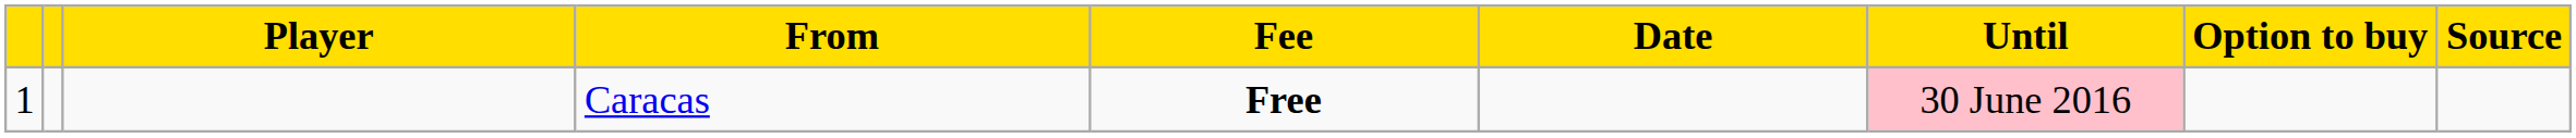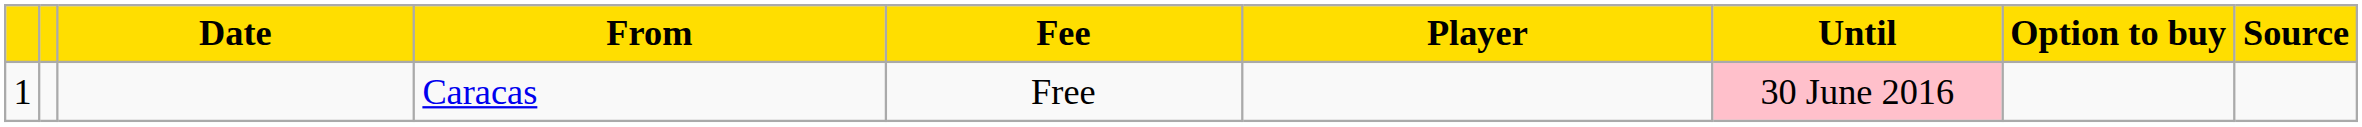 <table class="wikitable sortable">
 <tr>
 <th style="background:#FFDE00"></th>
 <th style="background:#FFDE00"></th>
-<th width=200 style="background:#FFDE00">Player</th>
+<th width=150 style="background:#FFDE00">Date</th>
 <th width=200 style="background:#FFDE00">From</th>
 <th width=150 style="background:#FFDE00">Fee</th>
-<th width=150 style="background:#FFDE00">Date</th>
+<th width=200 style="background:#FFDE00">Player</th>
 <th width=120 style="background:#FFDE00">Until</th>
 <th style="background:#FFDE00">Option to buy</th>
 <th style="background:#FFDE00">Source</th>
 </tr>
 <tr>
 <td align=center>1</td>
 <td align=center></td>
+<td align=center></td>
+<td> <a href='#'>Caracas</a></td>
+<td align=center>Free</td>
 <td></td>
-<td> <a href='#'>Caracas</a></td>
-<td align=center><strong>Free</strong></td>
-<td align=center></td>
 <td align=center style="background: pink;">30 June 2016</td>
 <td align=center></td>
 <td align=center></td>
 </tr>
 </table>
